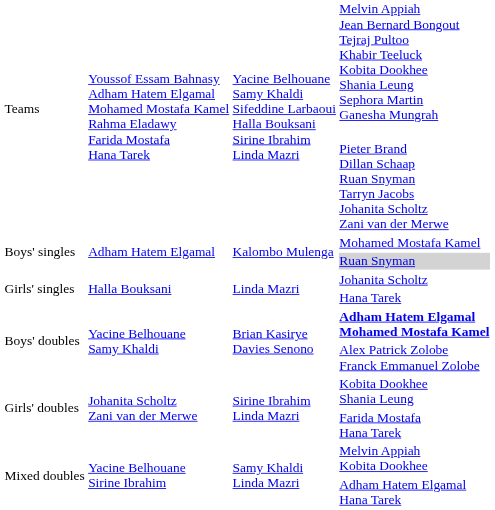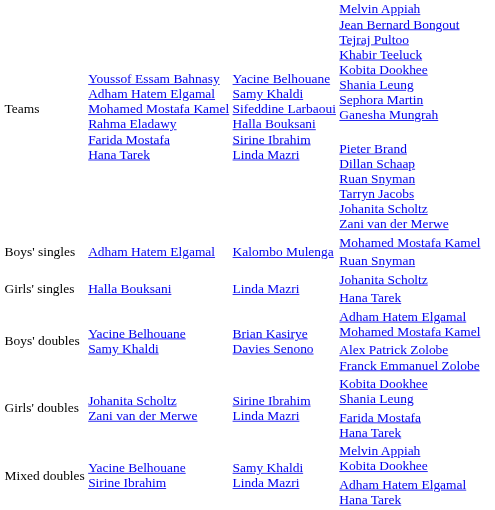 <table>
 <tr>
 <td rowspan=2>Teams</td>
 <td rowspan=2><br><a href='#'>Youssof Essam Bahnasy</a><br><a href='#'>Adham Hatem Elgamal</a><br><a href='#'>Mohamed Mostafa Kamel</a><br><a href='#'>Rahma Eladawy</a><br><a href='#'>Farida Mostafa</a><br><a href='#'>Hana Tarek</a></td>
 <td rowspan=2><br><a href='#'>Yacine Belhouane</a><br><a href='#'>Samy Khaldi</a><br><a href='#'>Sifeddine Larbaoui</a><br><a href='#'>Halla Bouksani</a><br><a href='#'>Sirine Ibrahim</a><br><a href='#'>Linda Mazri</a></td>
 <td><br><a href='#'>Melvin Appiah</a><br><a href='#'>Jean Bernard Bongout</a><br><a href='#'>Tejraj Pultoo</a><br><a href='#'>Khabir Teeluck</a><br><a href='#'>Kobita Dookhee</a><br><a href='#'>Shania Leung</a><br><a href='#'>Sephora Martin</a><br><a href='#'>Ganesha Mungrah</a></td>
 </tr>
 <tr>
 <td><br><a href='#'>Pieter Brand</a><br><a href='#'>Dillan Schaap</a><br><a href='#'>Ruan Snyman</a><br><a href='#'>Tarryn Jacobs</a><br><a href='#'>Johanita Scholtz</a><br><a href='#'>Zani van der Merwe</a></td>
 </tr>
 <tr>
 <td rowspan=2>Boys' singles</td>
 <td rowspan=2> <a href='#'>Adham Hatem Elgamal</a></td>
 <td rowspan=2> <a href='#'>Kalombo Mulenga</a></td>
 <td> <a href='#'>Mohamed Mostafa Kamel</a></td>
 </tr>
 <tr>
-<td style="background: lightgrey;"> <a href='#'>Ruan Snyman</a></td>
+<td> <a href='#'>Ruan Snyman</a></td>
 </tr>
 <tr>
 <td rowspan=2>Girls' singles</td>
 <td rowspan=2> <a href='#'>Halla Bouksani</a></td>
 <td rowspan=2> <a href='#'>Linda Mazri</a></td>
 <td> <a href='#'>Johanita Scholtz</a></td>
 </tr>
 <tr>
 <td> <a href='#'>Hana Tarek</a></td>
 </tr>
 <tr>
 <td rowspan=2>Boys' doubles</td>
 <td rowspan=2> <a href='#'>Yacine Belhouane</a> <br> <a href='#'>Samy Khaldi</a></td>
 <td rowspan=2> <a href='#'>Brian Kasirye</a> <br> <a href='#'>Davies Senono</a></td>
-<td><strong> <a href='#'>Adham Hatem Elgamal</a> <br> <a href='#'>Mohamed Mostafa Kamel</a></strong></td>
+<td> <a href='#'>Adham Hatem Elgamal</a> <br> <a href='#'>Mohamed Mostafa Kamel</a></td>
 </tr>
 <tr>
 <td> <a href='#'>Alex Patrick Zolobe</a> <br> <a href='#'>Franck Emmanuel Zolobe</a></td>
 </tr>
 <tr>
 <td rowspan=2>Girls' doubles</td>
 <td rowspan=2> <a href='#'>Johanita Scholtz</a> <br> <a href='#'>Zani van der Merwe</a></td>
 <td rowspan=2> <a href='#'>Sirine Ibrahim</a> <br> <a href='#'>Linda Mazri</a></td>
 <td> <a href='#'>Kobita Dookhee</a> <br> <a href='#'>Shania Leung</a></td>
 </tr>
 <tr>
 <td> <a href='#'>Farida Mostafa</a> <br> <a href='#'>Hana Tarek</a></td>
 </tr>
 <tr>
 <td rowspan=2>Mixed doubles</td>
 <td rowspan=2> <a href='#'>Yacine Belhouane</a> <br> <a href='#'>Sirine Ibrahim</a></td>
 <td rowspan=2> <a href='#'>Samy Khaldi</a> <br> <a href='#'>Linda Mazri</a></td>
 <td> <a href='#'>Melvin Appiah</a> <br> <a href='#'>Kobita Dookhee</a></td>
 </tr>
 <tr>
 <td> <a href='#'>Adham Hatem Elgamal</a> <br> <a href='#'>Hana Tarek</a></td>
 </tr>
 </table>
